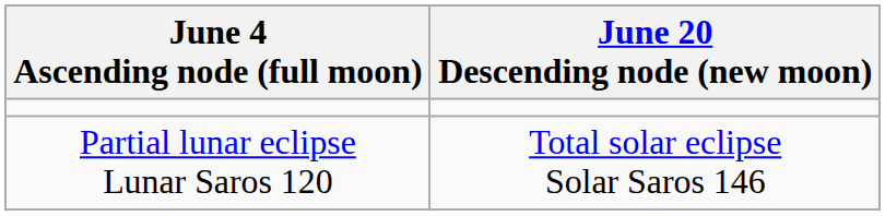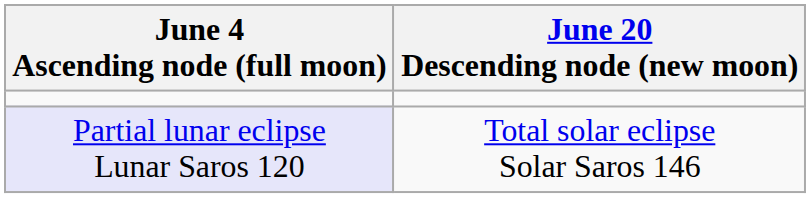 <table class="wikitable">
 <tr>
 <th>June 4<br>Ascending node (full moon)<br></th>
 <th><a href='#'>June 20</a><br>Descending node (new moon)<br></th>
 </tr>
 <tr>
 <td></td>
 <td></td>
 </tr>
 <tr align=center>
-<td><a href='#'>Partial lunar eclipse</a><br>Lunar Saros 120</td>
+<td style="background: lavender;"><a href='#'>Partial lunar eclipse</a><br>Lunar Saros 120</td>
 <td><a href='#'>Total solar eclipse</a><br>Solar Saros 146</td>
 </tr>
 </table>
